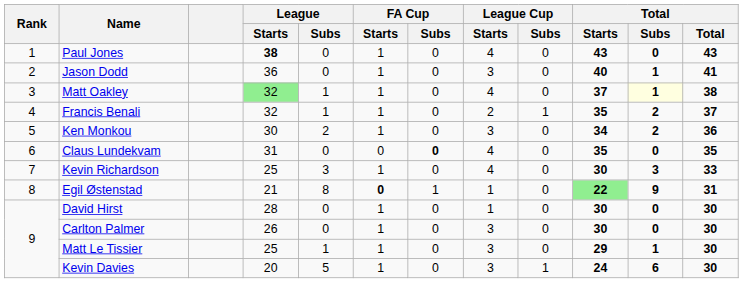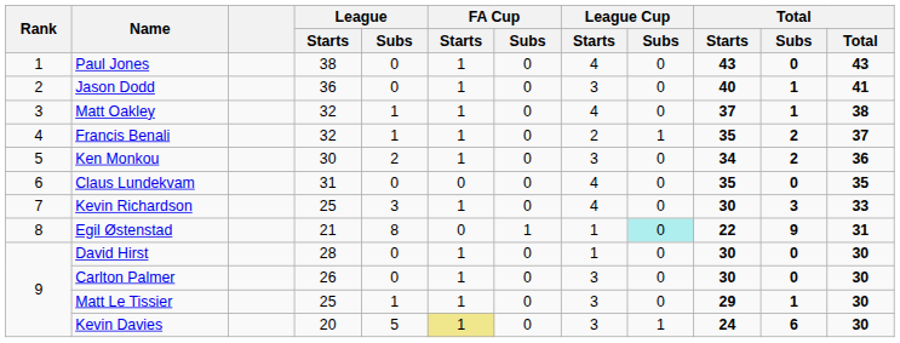 <table class="wikitable plainrowheaders" style="text-align:center;">
 <tr>
 <th scope="col" rowspan="2" style="width:4em;">Rank</th>
 <th scope="col" rowspan="2" style="width:10em;">Name</th>
 <th scope="col" rowspan="2" style="width:4em;"></th>
 <th scope="col" colspan="2">League</th>
 <th scope="col" colspan="2">FA Cup</th>
 <th scope="col" colspan="2">League Cup</th>
 <th scope="col" colspan="3">Total</th>
 </tr>
 <tr>
 <th scope="col" style="width:4em;">Starts</th>
 <th scope="col" style="width:4em;">Subs</th>
 <th scope="col" style="width:4em;">Starts</th>
 <th scope="col" style="width:4em;">Subs</th>
 <th scope="col" style="width:4em;">Starts</th>
 <th scope="col" style="width:4em;">Subs</th>
 <th scope="col" style="width:4em;">Starts</th>
 <th scope="col" style="width:4em;">Subs</th>
 <th scope="col" style="width:4em;">Total</th>
 </tr>
 <tr>
 <td>1</td>
 <td align="left"><a href='#'>Paul Jones</a></td>
 <td></td>
-<td><strong>38</strong></td>
+<td>38</td>
 <td>0</td>
 <td>1</td>
 <td>0</td>
 <td>4</td>
 <td>0</td>
 <td><strong>43</strong></td>
 <td><strong>0</strong></td>
 <td><strong>43</strong></td>
 </tr>
 <tr>
 <td>2</td>
 <td align="left"><a href='#'>Jason Dodd</a></td>
 <td></td>
 <td>36</td>
 <td>0</td>
 <td>1</td>
 <td>0</td>
 <td>3</td>
 <td>0</td>
 <td><strong>40</strong></td>
 <td><strong>1</strong></td>
 <td><strong>41</strong></td>
 </tr>
 <tr>
 <td>3</td>
 <td align="left"><a href='#'>Matt Oakley</a></td>
 <td></td>
-<td style="background: lightgreen;">32</td>
+<td>32</td>
 <td>1</td>
 <td>1</td>
 <td>0</td>
 <td>4</td>
 <td>0</td>
 <td><strong>37</strong></td>
-<td style="background: lightyellow;"><strong>1</strong></td>
+<td><strong>1</strong></td>
 <td><strong>38</strong></td>
 </tr>
 <tr>
 <td>4</td>
 <td align="left"><a href='#'>Francis Benali</a></td>
 <td></td>
 <td>32</td>
 <td>1</td>
 <td>1</td>
 <td>0</td>
 <td>2</td>
 <td>1</td>
 <td><strong>35</strong></td>
 <td><strong>2</strong></td>
 <td><strong>37</strong></td>
 </tr>
 <tr>
 <td>5</td>
 <td align="left"><a href='#'>Ken Monkou</a></td>
 <td></td>
 <td>30</td>
 <td>2</td>
 <td>1</td>
 <td>0</td>
 <td>3</td>
 <td>0</td>
 <td><strong>34</strong></td>
 <td><strong>2</strong></td>
 <td><strong>36</strong></td>
 </tr>
 <tr>
 <td>6</td>
 <td align="left"><a href='#'>Claus Lundekvam</a></td>
 <td></td>
 <td>31</td>
 <td>0</td>
 <td>0</td>
-<td><strong>0</strong></td>
+<td>0</td>
 <td>4</td>
 <td>0</td>
 <td><strong>35</strong></td>
 <td><strong>0</strong></td>
 <td><strong>35</strong></td>
 </tr>
 <tr>
 <td>7</td>
 <td align="left"><a href='#'>Kevin Richardson</a></td>
 <td></td>
 <td>25</td>
 <td>3</td>
 <td>1</td>
 <td>0</td>
 <td>4</td>
 <td>0</td>
 <td><strong>30</strong></td>
 <td><strong>3</strong></td>
 <td><strong>33</strong></td>
 </tr>
 <tr>
 <td>8</td>
 <td align="left"><a href='#'>Egil Østenstad</a></td>
 <td></td>
 <td>21</td>
 <td>8</td>
-<td><strong>0</strong></td>
+<td>0</td>
 <td>1</td>
 <td>1</td>
-<td>0</td>
-<td style="background: lightgreen;"><strong>22</strong></td>
+<td style="background: paleturquoise;">0</td>
+<td><strong>22</strong></td>
 <td><strong>9</strong></td>
 <td><strong>31</strong></td>
 </tr>
 <tr>
 <td rowspan="4">9</td>
 <td align="left"><a href='#'>David Hirst</a></td>
 <td></td>
 <td>28</td>
 <td>0</td>
 <td>1</td>
 <td>0</td>
 <td>1</td>
 <td>0</td>
 <td><strong>30</strong></td>
 <td><strong>0</strong></td>
 <td><strong>30</strong></td>
 </tr>
 <tr>
 <td align="left"><a href='#'>Carlton Palmer</a></td>
 <td></td>
 <td>26</td>
 <td>0</td>
 <td>1</td>
 <td>0</td>
 <td>3</td>
 <td>0</td>
 <td><strong>30</strong></td>
 <td><strong>0</strong></td>
 <td><strong>30</strong></td>
 </tr>
 <tr>
 <td align="left"><a href='#'>Matt Le Tissier</a></td>
 <td></td>
 <td>25</td>
 <td>1</td>
 <td>1</td>
 <td>0</td>
 <td>3</td>
 <td>0</td>
 <td><strong>29</strong></td>
 <td><strong>1</strong></td>
 <td><strong>30</strong></td>
 </tr>
 <tr>
 <td align="left"><a href='#'>Kevin Davies</a></td>
 <td></td>
 <td>20</td>
 <td>5</td>
-<td>1</td>
+<td style="background: khaki;">1</td>
 <td>0</td>
 <td>3</td>
 <td>1</td>
 <td><strong>24</strong></td>
 <td><strong>6</strong></td>
 <td><strong>30</strong></td>
 </tr>
 </table>
